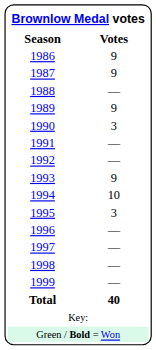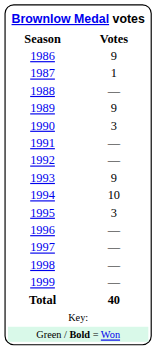 <table style="margin-right:4px; margin-top:8px; float:right; border:1px #000 solid; border-radius:8px; background:#fff; font-family:Verdana; font-size:8pt; text-align:center;">
 <tr style="background:#fff;">
 <td colspan="2;" style="padding:3px; margin-bottom:-3px; margin-top:2px; font-family:Arial; "><strong><a href='#'>Brownlow Medal</a> votes</strong></td>
 </tr>
 <tr>
 <th style="width:50%;">Season</th>
 <th style="width:50%;">Votes</th>
 </tr>
 <tr>
 <td><a href='#'>1986</a></td>
 <td>9</td>
 </tr>
 <tr>
 <td><a href='#'>1987</a></td>
-<td>9</td>
+<td>1</td>
 </tr>
 <tr>
 <td><a href='#'>1988</a></td>
 <td>—</td>
 </tr>
 <tr>
 <td><a href='#'>1989</a></td>
 <td>9</td>
 </tr>
 <tr>
 <td><a href='#'>1990</a></td>
 <td>3</td>
 </tr>
 <tr>
 <td><a href='#'>1991</a></td>
 <td>—</td>
 </tr>
 <tr>
 <td><a href='#'>1992</a></td>
 <td>—</td>
 </tr>
 <tr>
 <td><a href='#'>1993</a></td>
 <td>9</td>
 </tr>
 <tr>
 <td><a href='#'>1994</a></td>
 <td>10</td>
 </tr>
 <tr>
 <td><a href='#'>1995</a></td>
 <td>3</td>
 </tr>
 <tr>
 <td><a href='#'>1996</a></td>
 <td>—</td>
 </tr>
 <tr>
 <td><a href='#'>1997</a></td>
 <td>—</td>
 </tr>
 <tr>
 <td><a href='#'>1998</a></td>
 <td>—</td>
 </tr>
 <tr>
 <td><a href='#'>1999</a></td>
 <td>—</td>
 </tr>
 <tr>
 <td><strong>Total</strong></td>
 <td><strong>40</strong></td>
 </tr>
 <tr>
 <td colspan=2><small>Key:</small></td>
 </tr>
 <tr style="background:#d9f9e9; border:1px solid #aaa; width:2em;">
 <td colspan=2><small>Green / <strong>Bold</strong> = <a href='#'>Won</a></small></td>
 </tr>
 </table>
